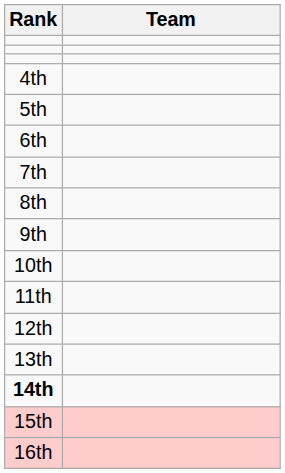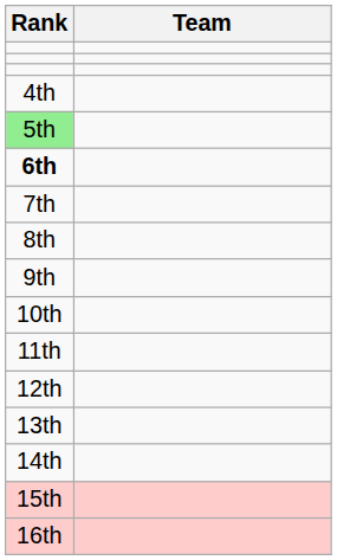 <table class=wikitable style="text-align:center;">
 <tr>
 <th>Rank</th>
 <th width=170px>Team</th>
 </tr>
 <tr>
 <td></td>
 <td align=left></td>
 </tr>
 <tr>
 <td></td>
 <td align=left></td>
 </tr>
 <tr>
 <td></td>
 <td align=left></td>
 </tr>
 <tr>
 <td>4th</td>
 <td align=left></td>
 </tr>
 <tr>
-<td>5th</td>
+<td style="background: lightgreen;">5th</td>
 <td align=left></td>
 </tr>
 <tr>
-<td>6th</td>
+<td><strong>6th</strong></td>
 <td align=left></td>
 </tr>
 <tr>
 <td>7th</td>
 <td align=left></td>
 </tr>
 <tr>
 <td>8th</td>
 <td align=left></td>
 </tr>
 <tr>
 <td>9th</td>
 <td align=left></td>
 </tr>
 <tr>
 <td>10th</td>
 <td align=left></td>
 </tr>
 <tr>
 <td>11th</td>
 <td align=left></td>
 </tr>
 <tr>
 <td>12th</td>
 <td align=left></td>
 </tr>
 <tr>
 <td>13th</td>
 <td align=left></td>
 </tr>
 <tr>
-<td><strong>14th</strong></td>
+<td>14th</td>
 <td align=left></td>
 </tr>
 <tr bgcolor=#ffcccc>
 <td>15th</td>
 <td align=left></td>
 </tr>
 <tr bgcolor=#ffcccc>
 <td>16th</td>
 <td align=left></td>
 </tr>
 </table>
